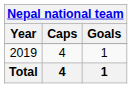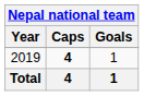 <table class="wikitable" style="text-align:center">
 <tr>
 <th colspan=3><a href='#'>Nepal national team</a></th>
 </tr>
 <tr>
 <th>Year</th>
 <th>Caps</th>
 <th>Goals</th>
 </tr>
 <tr>
 </tr>
 <tr>
 <td>2019</td>
-<td>4</td>
+<td><strong>4</strong></td>
 <td>1</td>
 </tr>
 <tr>
 <th>Total</th>
 <th>4</th>
 <th>1</th>
 </tr>
 </table>
